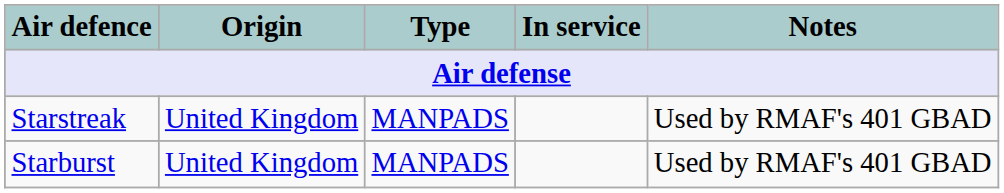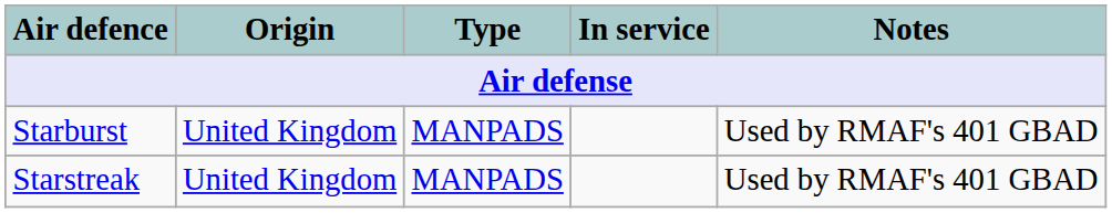 <table class="wikitable">
 <tr>
 <th style="text-align:center; background:#acc;">Air defence</th>
 <th style="text-align: center; background:#acc;">Origin</th>
 <th style="text-align:l center; background:#acc;">Type</th>
 <th style="text-align:l center; background:#acc;">In service</th>
 <th style="text-align: center; background:#acc;">Notes</th>
 </tr>
 <tr>
 <th colspan="5" style="align: center; background: lavender;"><a href='#'>Air defense</a></th>
 </tr>
 <tr>
+<td><a href='#'>Starburst</a></td>
+<td><a href='#'>United Kingdom</a></td>
+<td><a href='#'>MANPADS</a></td>
+<td></td>
+<td>Used by RMAF's 401 GBAD</td>
+</tr>
+<tr>
 <td><a href='#'>Starstreak</a></td>
 <td><a href='#'>United Kingdom</a></td>
 <td><a href='#'>MANPADS</a></td>
 <td></td>
 <td>Used by RMAF's 401 GBAD</td>
 </tr>
-<tr>
-<td><a href='#'>Starburst</a></td>
-<td><a href='#'>United Kingdom</a></td>
-<td><a href='#'>MANPADS</a></td>
-<td></td>
-<td>Used by RMAF's 401 GBAD</td>
-</tr>
 </table>
